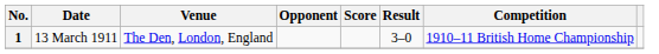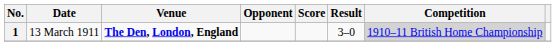 <table class="wikitable plainrowheaders sortable">
 <tr>
 <th scope=col>No.</th>
 <th scope=col>Date</th>
 <th scope=col>Venue</th>
 <th scope=col>Opponent</th>
 <th scope=col>Score</th>
 <th scope=col>Result</th>
 <th scope=col>Competition</th>
 <th scope=col class=unsortable></th>
 </tr>
 <tr>
 <th scope=row>1</th>
 <td>13 March 1911</td>
-<td><a href='#'>The Den</a>, <a href='#'>London</a>, England</td>
+<td><strong><a href='#'>The Den</a>, <a href='#'>London</a>, England</strong></td>
 <td></td>
 <td></td>
 <td style="text-align:center;">3–0</td>
-<td><a href='#'>1910–11 British Home Championship</a></td>
+<td style="background: lightgrey;"><a href='#'>1910–11 British Home Championship</a></td>
 <td></td>
 </tr>
 <tr>
 </tr>
 </table>
